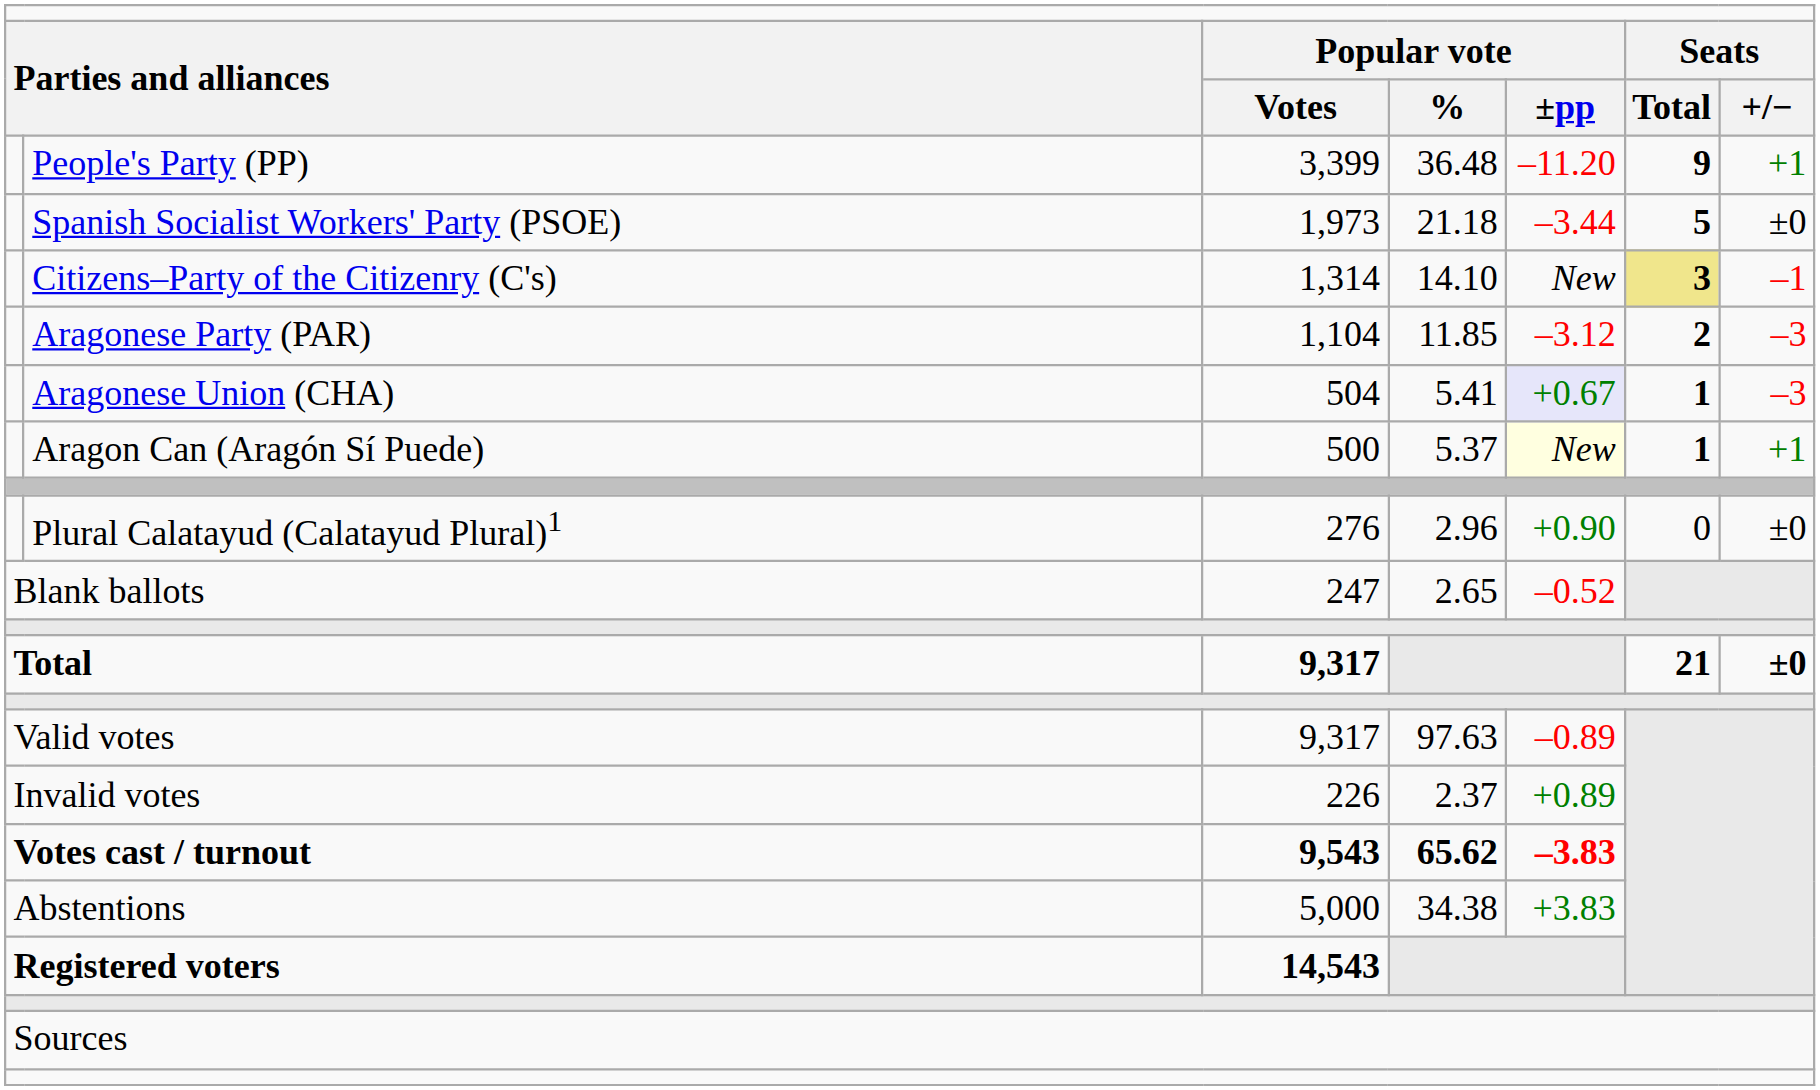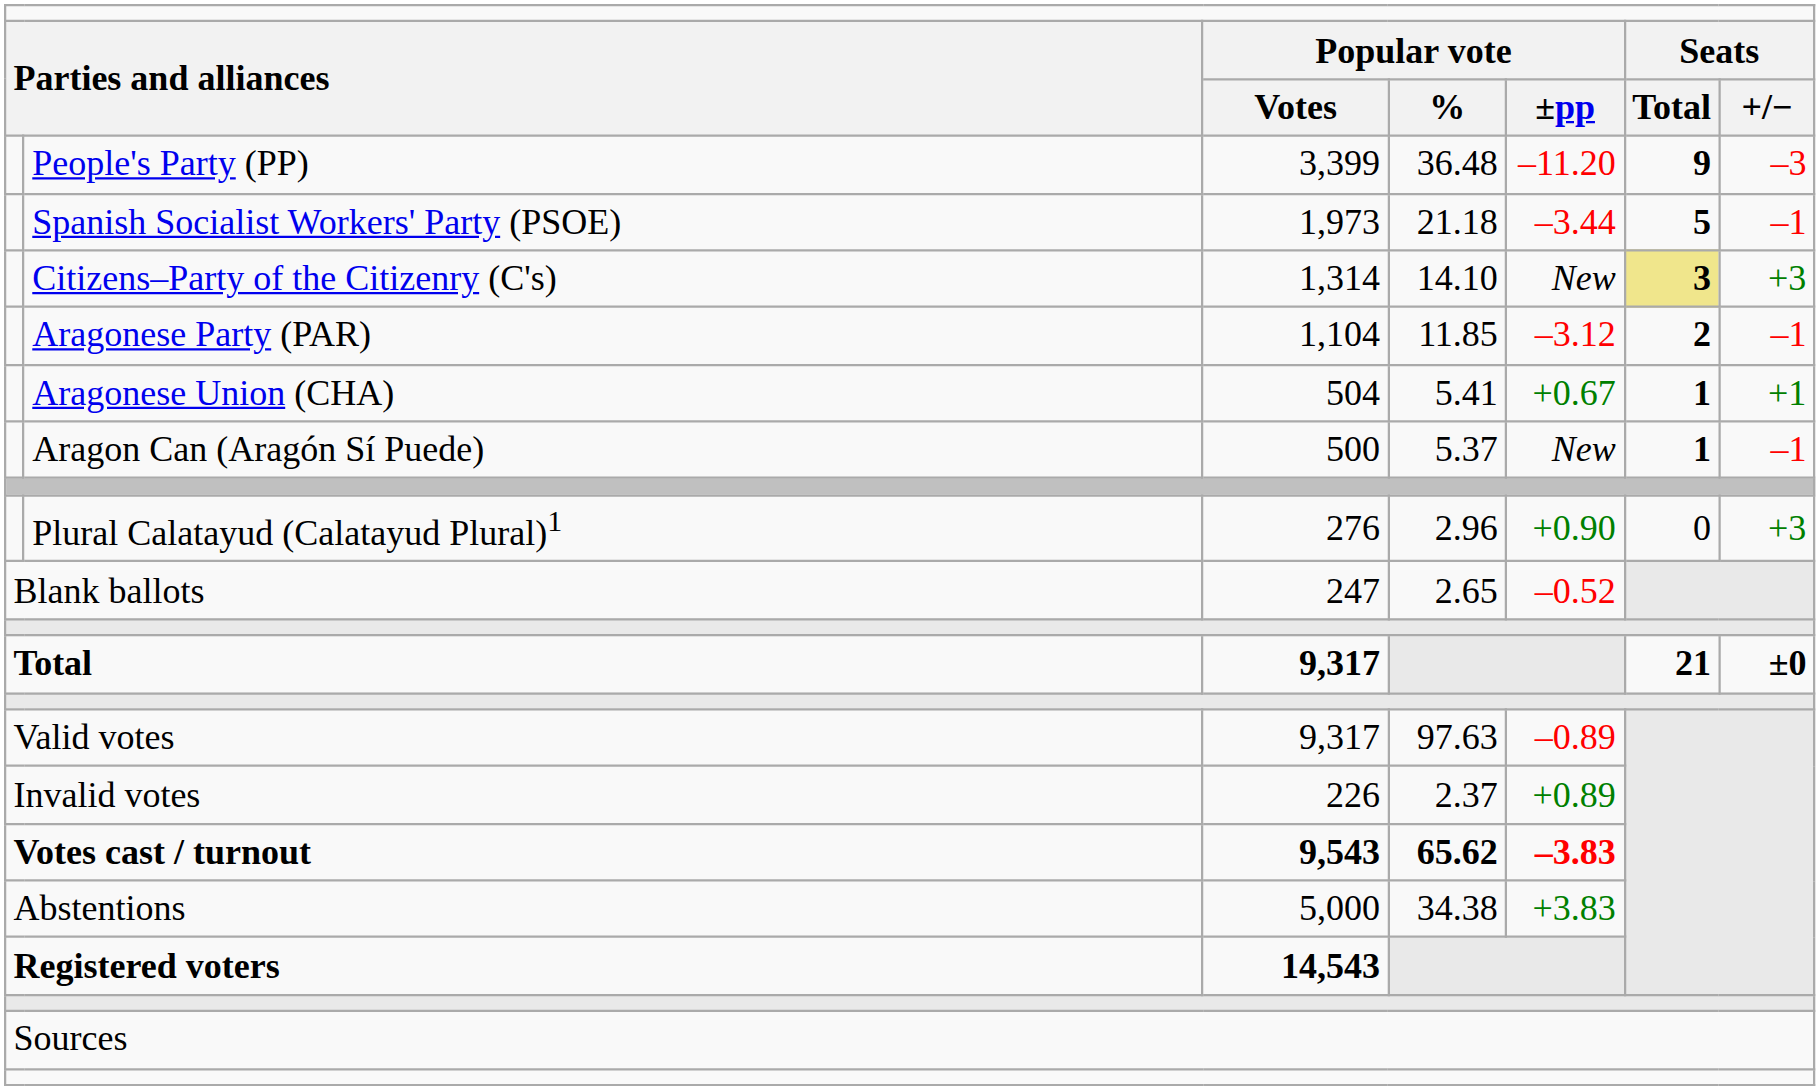 <table class="wikitable" style="text-align:right;">
 <tr>
 <td colspan="7"></td>
 </tr>
 <tr>
 <th style="text-align:left;" rowspan="2" colspan="2" width="525">Parties and alliances</th>
 <th colspan="3">Popular vote</th>
 <th colspan="2">Seats</th>
 </tr>
 <tr>
 <th width="75">Votes</th>
 <th width="45">%</th>
 <th width="45">±<a href='#'>pp</a></th>
 <th width="35">Total</th>
 <th width="35">+/−</th>
 </tr>
 <tr>
 <td width="1" style="color:inherit;background:"></td>
 <td align="left"><a href='#'>People's Party</a> (PP)</td>
 <td>3,399</td>
 <td>36.48</td>
 <td style="color:red;">–11.20</td>
 <td><strong>9</strong></td>
-<td style="color:green;">+1</td>
+<td style="color:red;">–3</td>
 </tr>
 <tr>
 <td style="color:inherit;background:"></td>
 <td align="left"><a href='#'>Spanish Socialist Workers' Party</a> (PSOE)</td>
 <td>1,973</td>
 <td>21.18</td>
 <td style="color:red;">–3.44</td>
 <td><strong>5</strong></td>
-<td>±0</td>
+<td style="color:red;">–1</td>
 </tr>
 <tr>
 <td style="color:inherit;background:"></td>
 <td align="left"><a href='#'>Citizens–Party of the Citizenry</a> (C's)</td>
 <td>1,314</td>
 <td>14.10</td>
 <td><em>New</em></td>
 <td style="background: khaki;"><strong>3</strong></td>
-<td style="color:red;">–1</td>
+<td style="color:green;">+3</td>
 </tr>
 <tr>
 <td style="color:inherit;background:"></td>
 <td align="left"><a href='#'>Aragonese Party</a> (PAR)</td>
 <td>1,104</td>
 <td>11.85</td>
 <td style="color:red;">–3.12</td>
 <td><strong>2</strong></td>
-<td style="color:red;">–3</td>
+<td style="color:red;">–1</td>
 </tr>
 <tr>
 <td style="color:inherit;background:"></td>
 <td align="left"><a href='#'>Aragonese Union</a> (CHA)</td>
 <td>504</td>
 <td>5.41</td>
-<td style="background: lavender; color:green;">+0.67</td>
+<td style="color:green;">+0.67</td>
 <td><strong>1</strong></td>
-<td style="color:red;">–3</td>
+<td style="color:green;">+1</td>
 </tr>
 <tr>
 <td style="color:inherit;background:"></td>
 <td align="left">Aragon Can (Aragón Sí Puede)</td>
 <td>500</td>
 <td>5.37</td>
-<td style="background: lightyellow;"><em>New</em></td>
+<td><em>New</em></td>
 <td><strong>1</strong></td>
-<td style="color:green;">+1</td>
+<td style="color:red;">–1</td>
 </tr>
 <tr>
 <td colspan="7" bgcolor="#C0C0C0"></td>
 </tr>
 <tr>
 <td style="color:inherit;background:"></td>
 <td align="left">Plural Calatayud (Calatayud Plural)<sup>1</sup></td>
 <td>276</td>
 <td>2.96</td>
 <td style="color:green;">+0.90</td>
 <td>0</td>
-<td>±0</td>
+<td style="color:green;">+3</td>
 </tr>
 <tr>
 <td align="left" colspan="2">Blank ballots</td>
 <td>247</td>
 <td>2.65</td>
 <td style="color:red;">–0.52</td>
 <td bgcolor="#E9E9E9" colspan="2"></td>
 </tr>
 <tr>
 <td colspan="7" bgcolor="#E9E9E9"></td>
 </tr>
 <tr style="font-weight:bold;">
 <td align="left" colspan="2">Total</td>
 <td>9,317</td>
 <td bgcolor="#E9E9E9" colspan="2"></td>
 <td>21</td>
 <td>±0</td>
 </tr>
 <tr>
 <td colspan="7" bgcolor="#E9E9E9"></td>
 </tr>
 <tr>
 <td align="left" colspan="2">Valid votes</td>
 <td>9,317</td>
 <td>97.63</td>
 <td style="color:red;">–0.89</td>
 <td bgcolor="#E9E9E9" colspan="2" rowspan="5"></td>
 </tr>
 <tr>
 <td align="left" colspan="2">Invalid votes</td>
 <td>226</td>
 <td>2.37</td>
 <td style="color:green;">+0.89</td>
 </tr>
 <tr style="font-weight:bold;">
 <td align="left" colspan="2">Votes cast / turnout</td>
 <td>9,543</td>
 <td>65.62</td>
 <td style="color:red;">–3.83</td>
 </tr>
 <tr>
 <td align="left" colspan="2">Abstentions</td>
 <td>5,000</td>
 <td>34.38</td>
 <td style="color:green;">+3.83</td>
 </tr>
 <tr style="font-weight:bold;">
 <td align="left" colspan="2">Registered voters</td>
 <td>14,543</td>
 <td bgcolor="#E9E9E9" colspan="2"></td>
 </tr>
 <tr>
 <td colspan="7" bgcolor="#E9E9E9"></td>
 </tr>
 <tr>
 <td align="left" colspan="7">Sources</td>
 </tr>
 <tr>
 <td colspan="7" style="text-align:left; max-width:790px;"></td>
 </tr>
 </table>
